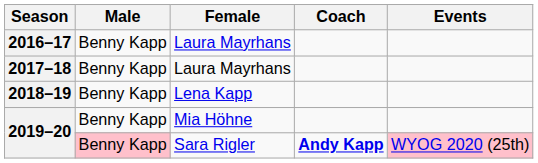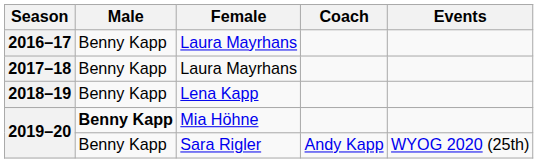 <table class="wikitable">
 <tr>
 <th scope="col">Season</th>
 <th scope="col">Male</th>
 <th scope="col">Female</th>
 <th scope="col">Coach</th>
 <th scope="col">Events</th>
 </tr>
 <tr>
 <th scope="row">2016–17</th>
 <td>Benny Kapp</td>
 <td><a href='#'>Laura Mayrhans</a></td>
 <td></td>
 <td></td>
 </tr>
 <tr>
 <th scope="row">2017–18</th>
 <td>Benny Kapp</td>
 <td>Laura Mayrhans</td>
 <td></td>
 <td></td>
 </tr>
 <tr>
 <th scope="row">2018–19</th>
 <td>Benny Kapp</td>
 <td><a href='#'>Lena Kapp</a></td>
 <td></td>
 <td></td>
 </tr>
 <tr>
 <th scope="row" rowspan=2>2019–20</th>
-<td>Benny Kapp</td>
+<td><strong>Benny Kapp</strong></td>
 <td><a href='#'>Mia Höhne</a></td>
 <td></td>
 <td></td>
 </tr>
 <tr>
-<td style="background: pink;">Benny Kapp</td>
+<td>Benny Kapp</td>
 <td><a href='#'>Sara Rigler</a></td>
-<td><strong><a href='#'>Andy Kapp</a></strong></td>
-<td style="background: pink;"><a href='#'>WYOG 2020</a> (25th)</td>
+<td><a href='#'>Andy Kapp</a></td>
+<td><a href='#'>WYOG 2020</a> (25th)</td>
 </tr>
 </table>
